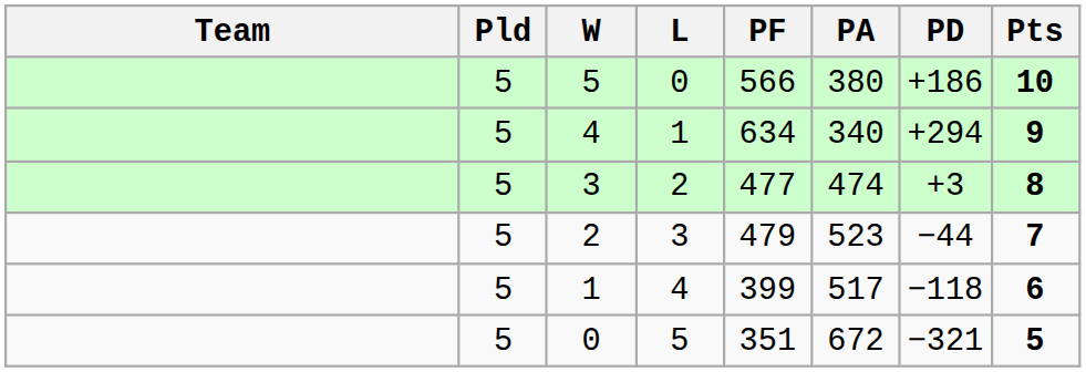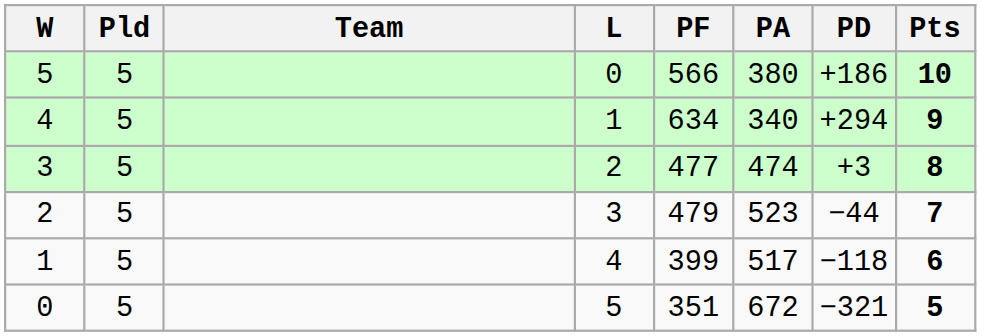 <table class=wikitable style="text-align:center">
 <tr>
+<th width=30>W</th>
+<th width=30>Pld</th>
 <th width=180>Team</th>
-<th width=30>Pld</th>
-<th width=30>W</th>
 <th width=30>L</th>
 <th width=30>PF</th>
 <th width=30>PA</th>
 <th width=30>PD</th>
 <th width=30>Pts</th>
 </tr>
 <tr bgcolor="#ccffcc">
-<td align="left"></td>
 <td>5</td>
 <td>5</td>
+<td align="left"></td>
 <td>0</td>
 <td>566</td>
 <td>380</td>
 <td>+186</td>
 <td><strong>10</strong></td>
 </tr>
 <tr bgcolor="#ccffcc">
+<td>4</td>
+<td>5</td>
 <td align="left"></td>
-<td>5</td>
-<td>4</td>
 <td>1</td>
 <td>634</td>
 <td>340</td>
 <td>+294</td>
 <td><strong>9</strong></td>
 </tr>
 <tr bgcolor="#ccffcc">
+<td>3</td>
+<td>5</td>
 <td align="left"></td>
-<td>5</td>
-<td>3</td>
 <td>2</td>
 <td>477</td>
 <td>474</td>
 <td>+3</td>
 <td><strong>8</strong></td>
 </tr>
 <tr>
+<td>2</td>
+<td>5</td>
 <td align="left"></td>
-<td>5</td>
-<td>2</td>
 <td>3</td>
 <td>479</td>
 <td>523</td>
 <td>−44</td>
 <td><strong>7</strong></td>
 </tr>
 <tr>
+<td>1</td>
+<td>5</td>
 <td align="left"></td>
-<td>5</td>
-<td>1</td>
 <td>4</td>
 <td>399</td>
 <td>517</td>
 <td>−118</td>
 <td><strong>6</strong></td>
 </tr>
 <tr>
+<td>0</td>
+<td>5</td>
 <td align="left"></td>
-<td>5</td>
-<td>0</td>
 <td>5</td>
 <td>351</td>
 <td>672</td>
 <td>−321</td>
 <td><strong>5</strong></td>
 </tr>
 </table>
